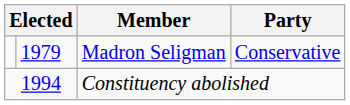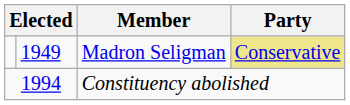 <table class="wikitable">
 <tr>
 <th colspan = "2">Elected</th>
 <th>Member</th>
 <th>Party</th>
 </tr>
 <tr>
 <td style="background-color: "></td>
-<td><a href='#'>1979</a></td>
+<td><a href='#'>1949</a></td>
 <td><a href='#'>Madron Seligman</a></td>
-<td><a href='#'>Conservative</a></td>
+<td style="background: khaki;"><a href='#'>Conservative</a></td>
 </tr>
 <tr>
 <td colspan="2" align="center"><a href='#'>1994</a></td>
 <td colspan="2"><em>Constituency abolished</em></td>
 </tr>
 </table>
